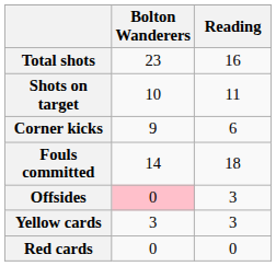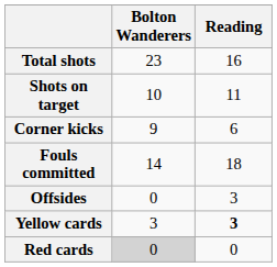 <table class="wikitable plainrowheaders" style="text-align: center">
 <tr>
 </tr>
 <tr>
 <th scope=col width=100></th>
 <th scope=col width=70>Bolton Wanderers</th>
 <th scope=col width=70>Reading</th>
 </tr>
 <tr>
 <th scope=row>Total shots</th>
 <td>23</td>
 <td>16</td>
 </tr>
 <tr>
 <th scope=row>Shots on target</th>
 <td>10</td>
 <td>11</td>
 </tr>
 <tr>
 <th scope=row>Corner kicks</th>
 <td>9</td>
 <td>6</td>
 </tr>
 <tr>
 <th scope=row>Fouls committed</th>
 <td>14</td>
 <td>18</td>
 </tr>
 <tr>
 <th scope=row>Offsides</th>
-<td style="background: pink;">0</td>
+<td>0</td>
 <td>3</td>
 </tr>
 <tr>
 <th scope=row>Yellow cards</th>
 <td>3</td>
-<td>3</td>
+<td><strong>3</strong></td>
 </tr>
 <tr>
 <th scope=row>Red cards</th>
-<td>0</td>
+<td style="background: lightgrey;">0</td>
 <td>0</td>
 </tr>
 </table>
